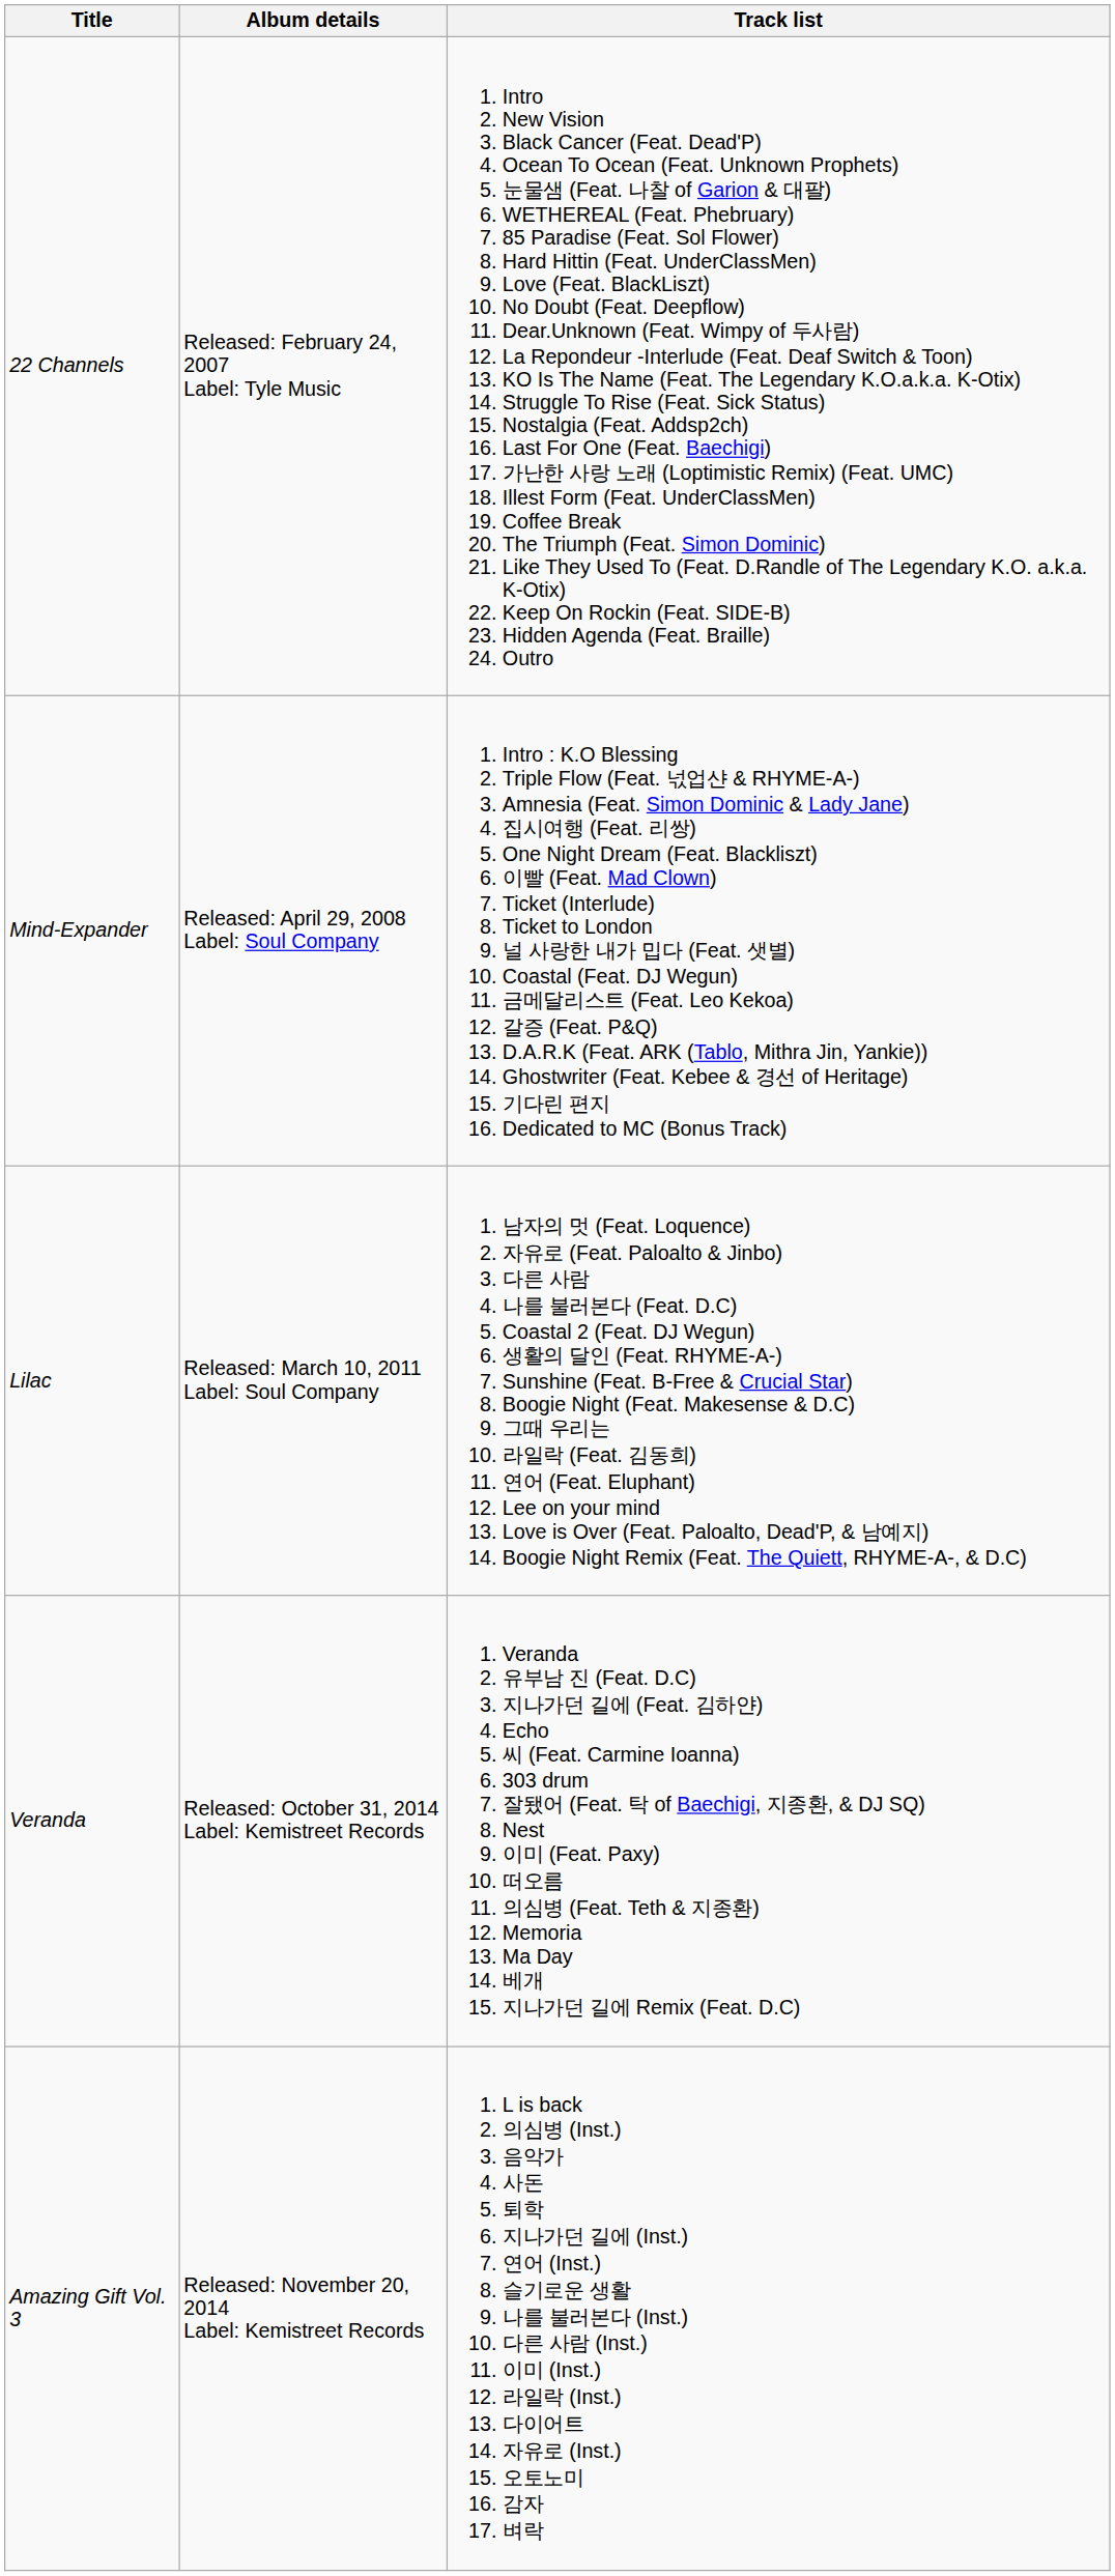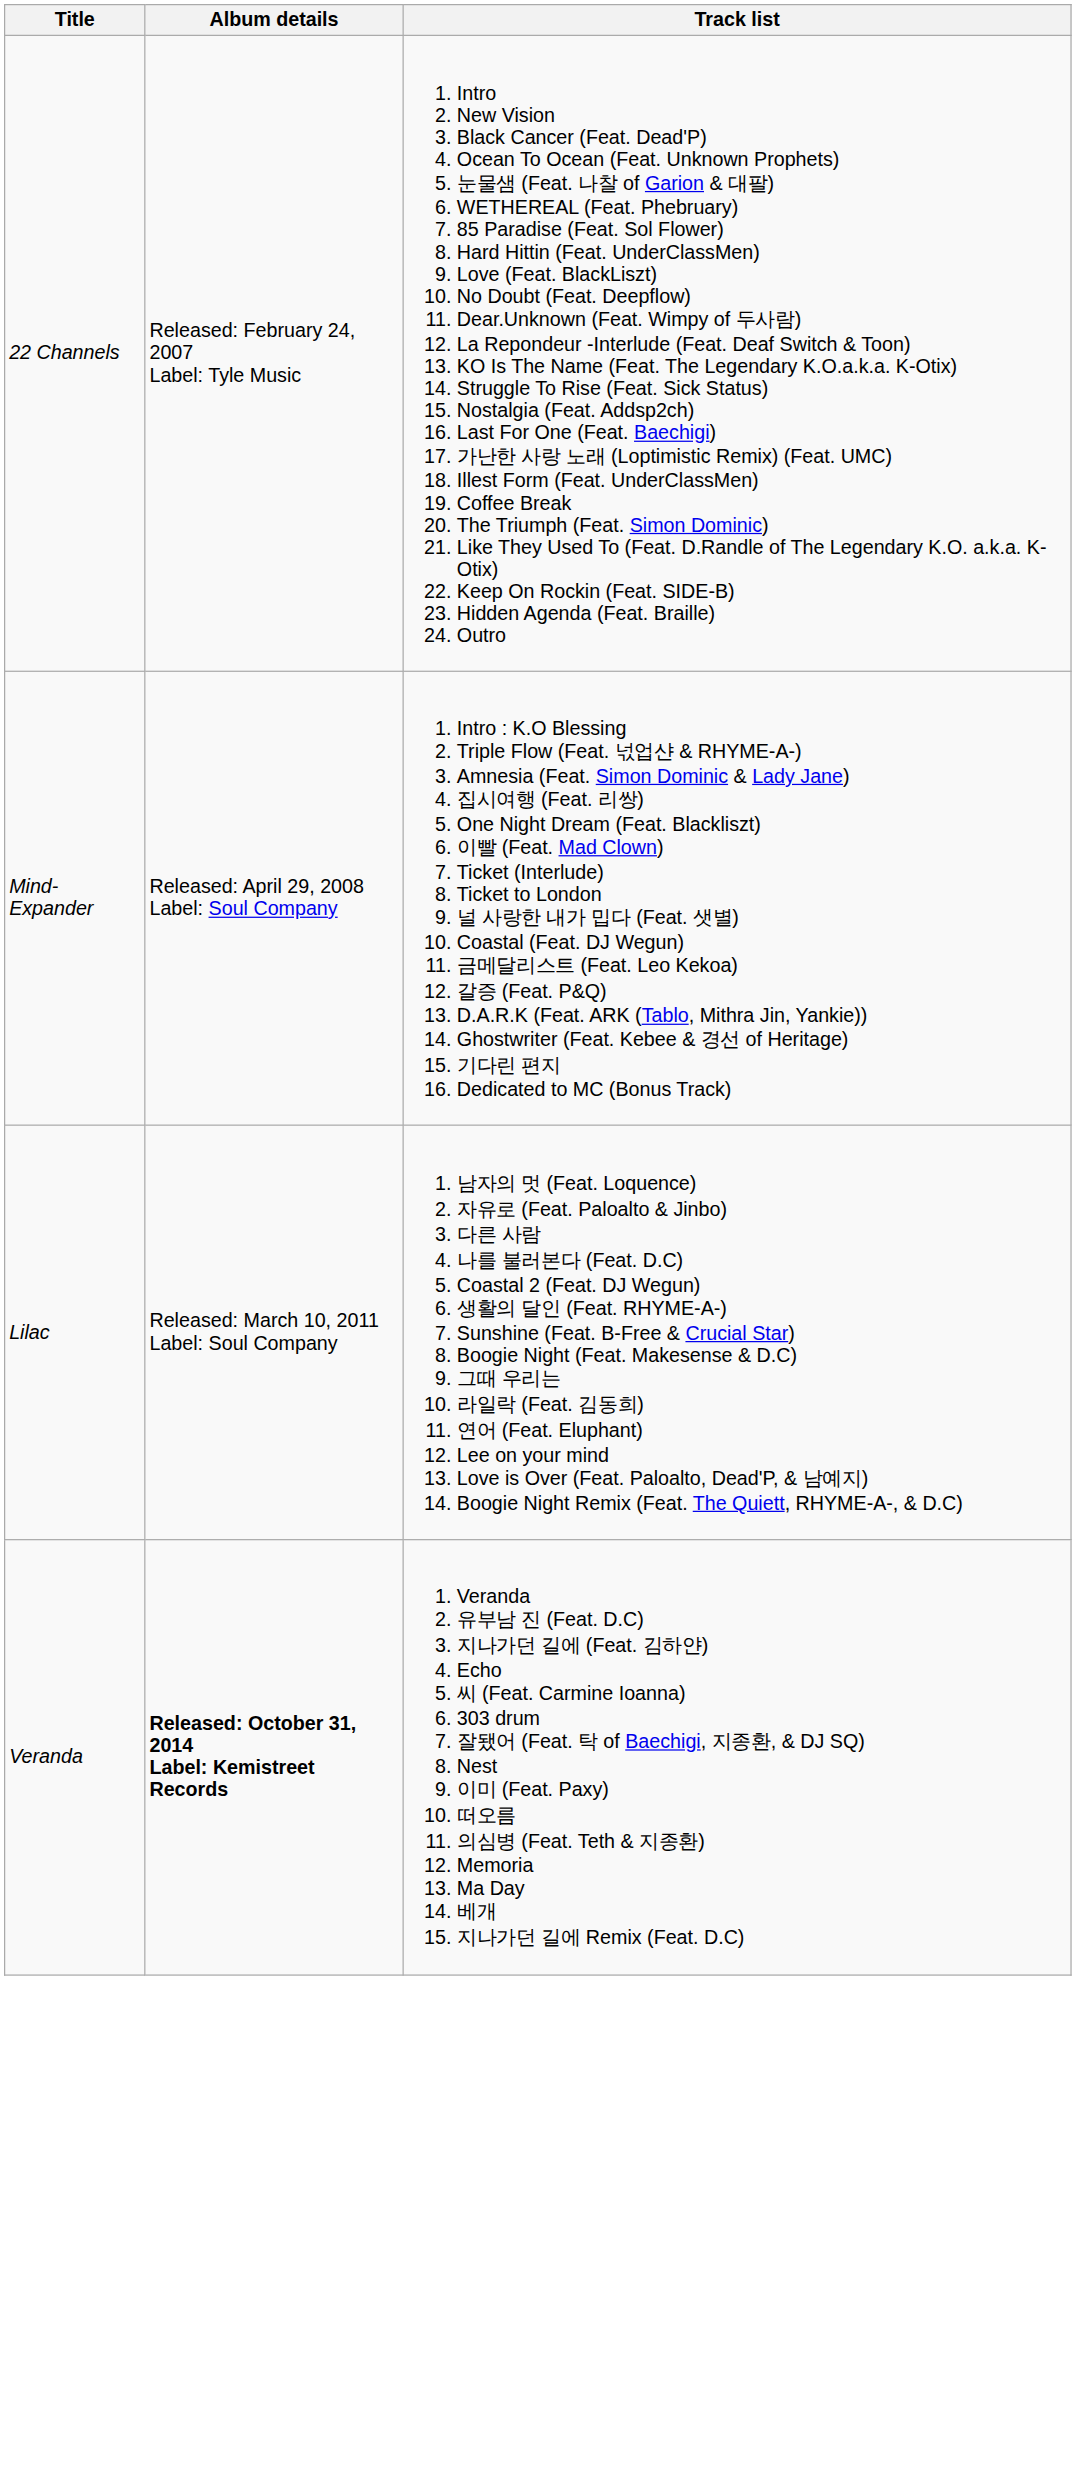 <table class="wikitable">
 <tr>
 <th>Title</th>
 <th>Album details</th>
 <th>Track list</th>
 </tr>
 <tr>
 <td><em>22 Channels</em></td>
 <td>Released: February 24, 2007<br>Label: Tyle Music</td>
 <td><br><ol><li>Intro</li><li>New Vision</li><li>Black Cancer (Feat. Dead'P)</li><li>Ocean To Ocean (Feat. Unknown Prophets)</li><li>눈물샘 (Feat. 나찰 of <a href='#'>Garion</a> & 대팔)</li><li>WETHEREAL (Feat. Phebruary)</li><li>85 Paradise (Feat. Sol Flower)</li><li>Hard Hittin (Feat. UnderClassMen)</li><li>Love (Feat. BlackLiszt)</li><li>No Doubt (Feat. Deepflow)</li><li>Dear.Unknown (Feat. Wimpy of 두사람)</li><li>La Repondeur -Interlude (Feat. Deaf Switch & Toon)</li><li>KO Is The Name (Feat. The Legendary K.O.a.k.a. K-Otix)</li><li>Struggle To Rise (Feat. Sick Status)</li><li>Nostalgia (Feat. Addsp2ch)</li><li>Last For One (Feat. <a href='#'>Baechigi</a>)</li><li>가난한 사랑 노래 (Loptimistic Remix) (Feat. UMC)</li><li>Illest Form (Feat. UnderClassMen)</li><li>Coffee Break</li><li>The Triumph (Feat. <a href='#'>Simon Dominic</a>)</li><li>Like They Used To (Feat. D.Randle of The Legendary K.O. a.k.a. K-Otix)</li><li>Keep On Rockin (Feat. SIDE-B)</li><li>Hidden Agenda (Feat. Braille)</li><li>Outro</li></ol></td>
 </tr>
 <tr>
 <td><em>Mind-Expander</em></td>
 <td>Released: April 29, 2008<br>Label: <a href='#'>Soul Company</a></td>
 <td><br><ol><li>Intro : K.O Blessing</li><li>Triple Flow (Feat. 넋업샨 & RHYME-A-)</li><li>Amnesia (Feat. <a href='#'>Simon Dominic</a> & <a href='#'>Lady Jane</a>)</li><li>집시여행 (Feat. 리쌍)</li><li>One Night Dream (Feat. Blackliszt)</li><li>이빨 (Feat. <a href='#'>Mad Clown</a>)</li><li>Ticket (Interlude)</li><li>Ticket to London</li><li>널 사랑한 내가 밉다 (Feat. 샛별)</li><li>Coastal (Feat. DJ Wegun)</li><li>금메달리스트 (Feat. Leo Kekoa)</li><li>갈증 (Feat. P&Q)</li><li>D.A.R.K (Feat. ARK (<a href='#'>Tablo</a>, Mithra Jin, Yankie))</li><li>Ghostwriter (Feat. Kebee & 경선 of Heritage)</li><li>기다린 편지</li><li>Dedicated to MC (Bonus Track)</li></ol></td>
 </tr>
 <tr>
 <td><em>Lilac</em></td>
 <td>Released: March 10, 2011<br>Label: Soul Company</td>
 <td><br><ol><li>남자의 멋 (Feat. Loquence)</li><li>자유로 (Feat. Paloalto & Jinbo)</li><li>다른 사람</li><li>나를 불러본다 (Feat. D.C)</li><li>Coastal 2 (Feat. DJ Wegun)</li><li>생활의 달인 (Feat. RHYME-A-)</li><li>Sunshine (Feat. B-Free & <a href='#'>Crucial Star</a>)</li><li>Boogie Night (Feat. Makesense & D.C)</li><li>그때 우리는</li><li>라일락 (Feat. 김동희)</li><li>연어 (Feat. Eluphant)</li><li>Lee on your mind</li><li>Love is Over (Feat. Paloalto, Dead'P, & 남예지)</li><li>Boogie Night Remix (Feat. <a href='#'>The Quiett</a>, RHYME-A-, & D.C)</li></ol></td>
 </tr>
 <tr>
 <td><em>Veranda</em></td>
-<td>Released: October 31, 2014<br>Label: Kemistreet Records</td>
+<td><strong>Released: October 31, 2014<br>Label: Kemistreet Records</strong></td>
 <td><br><ol><li>Veranda</li><li>유부남 진 (Feat. D.C)</li><li>지나가던 길에 (Feat. 김하얀)</li><li>Echo</li><li>씨 (Feat. Carmine Ioanna)</li><li>303 drum</li><li>잘됐어 (Feat. 탁 of <a href='#'>Baechigi</a>, 지종환, & DJ SQ)</li><li>Nest</li><li>이미 (Feat. Paxy)</li><li>떠오름</li><li>의심병 (Feat. Teth & 지종환)</li><li>Memoria</li><li>Ma Day</li><li>베개</li><li>지나가던 길에 Remix (Feat. D.C)</li></ol></td>
 </tr>
-<tr>
-<td><em>Amazing Gift Vol. 3</em></td>
-<td>Released: November 20, 2014<br>Label: Kemistreet Records</td>
-<td><br><ol><li>L is back</li><li>의심병 (Inst.)</li><li>음악가</li><li>사돈</li><li>퇴학</li><li>지나가던 길에 (Inst.)</li><li>연어 (Inst.)</li><li>슬기로운 생활</li><li>나를 불러본다 (Inst.)</li><li>다른 사람 (Inst.)</li><li>이미 (Inst.)</li><li>라일락 (Inst.)</li><li>다이어트</li><li>자유로 (Inst.)</li><li>오토노미</li><li>감자</li><li>벼락</li></ol></td>
-</tr>
 </table>
